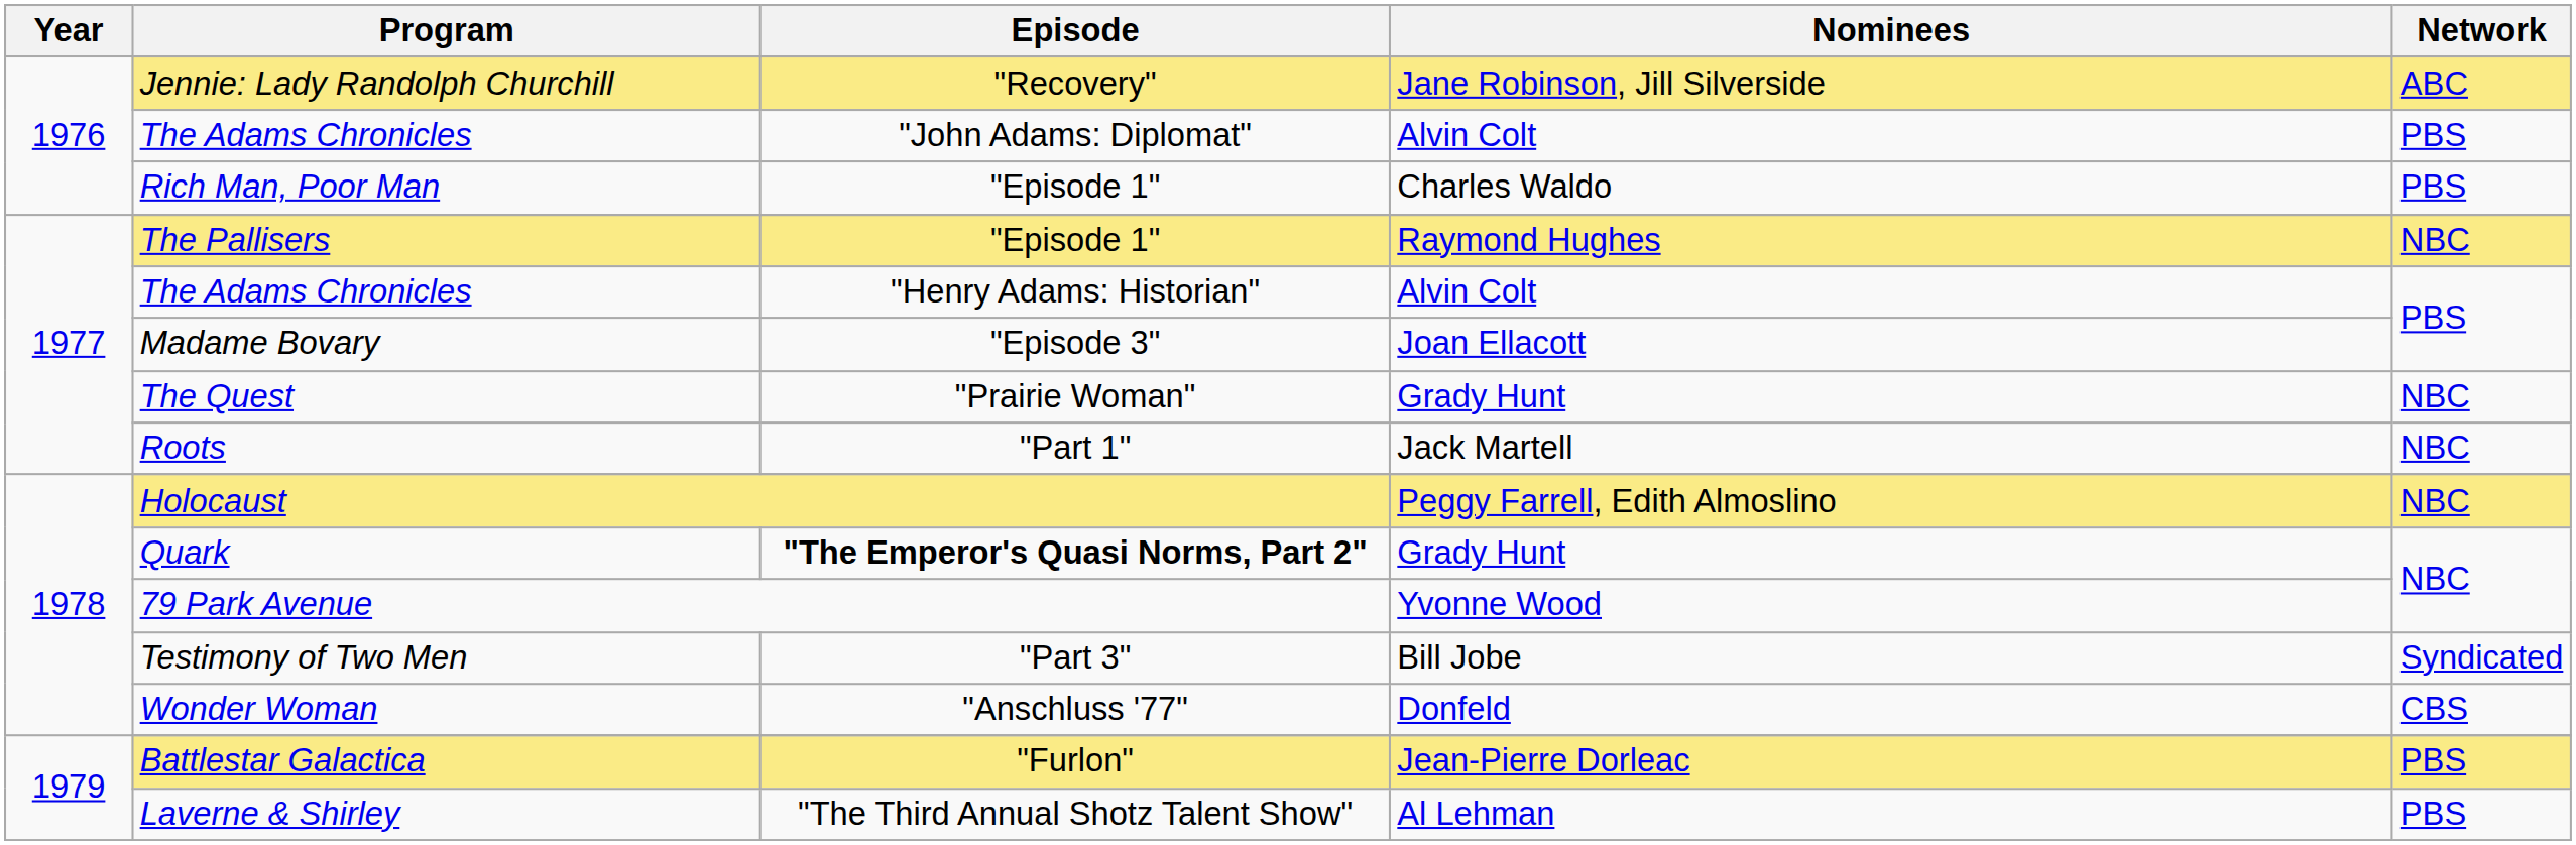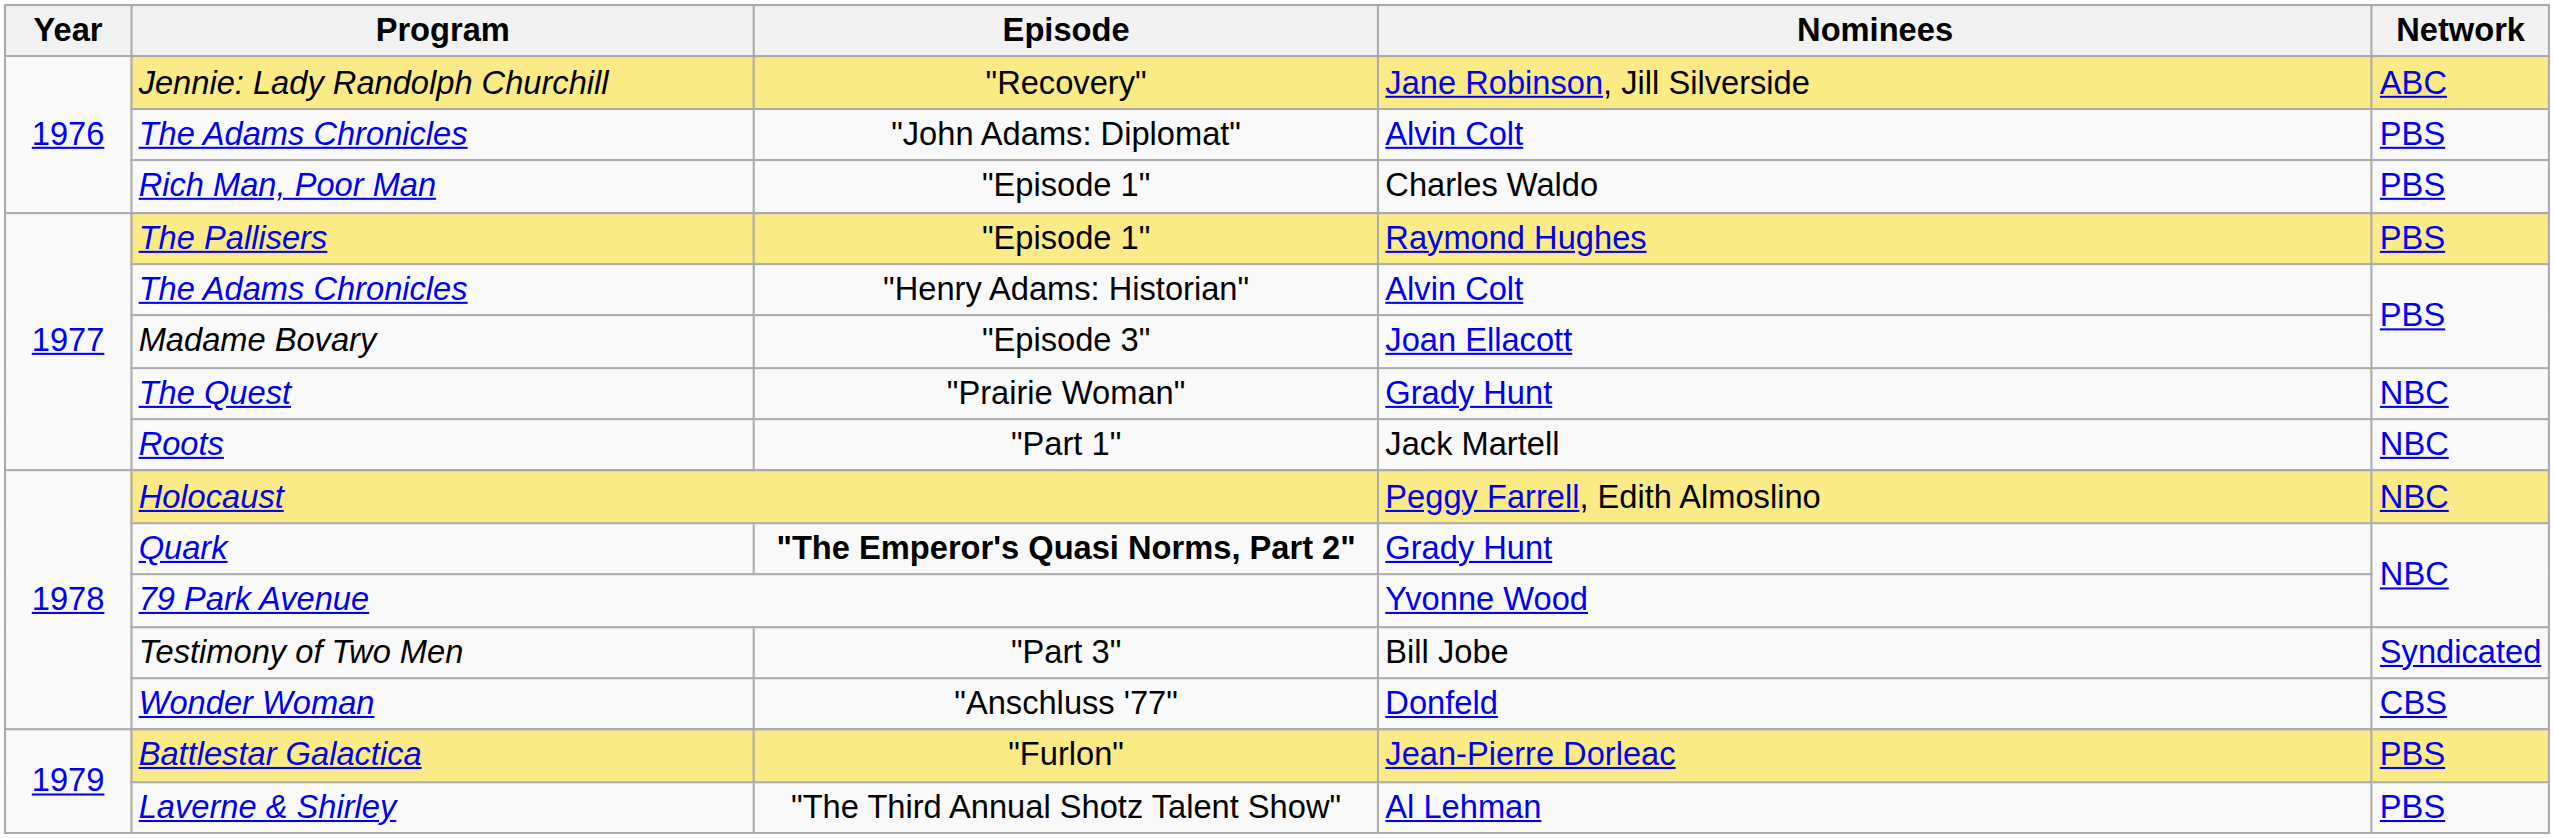 <table class="wikitable">
 <tr>
 <th width="5%">Year</th>
 <th width="25%">Program</th>
 <th width="25%">Episode</th>
 <th width="40%">Nominees</th>
 <th width="5%">Network</th>
 </tr>
 <tr>
 <td rowspan="4" style="text-align:center;"><a href='#'>1976</a><br></td>
 </tr>
 <tr style="background:#FAEB86;">
 <td><em>Jennie: Lady Randolph Churchill</em></td>
 <td align=center>"Recovery"</td>
 <td><a href='#'>Jane Robinson</a>, Jill Silverside</td>
 <td><a href='#'>ABC</a></td>
 </tr>
 <tr>
 <td><em><a href='#'>The Adams Chronicles</a></em></td>
 <td align=center>"John Adams: Diplomat"</td>
 <td><a href='#'>Alvin Colt</a></td>
 <td><a href='#'>PBS</a></td>
 </tr>
 <tr>
 <td><em><a href='#'>Rich Man, Poor Man</a></em></td>
 <td align=center>"Episode 1"</td>
 <td>Charles Waldo</td>
 <td><a href='#'>PBS</a></td>
 </tr>
 <tr>
 <td rowspan="6" style="text-align:center;"><a href='#'>1977</a><br></td>
 </tr>
 <tr style="background:#FAEB86;">
 <td><em><a href='#'>The Pallisers</a></em></td>
 <td align=center>"Episode 1"</td>
 <td><a href='#'>Raymond Hughes</a></td>
-<td><a href='#'>NBC</a></td>
+<td><a href='#'>PBS</a></td>
 </tr>
 <tr>
 <td><em><a href='#'>The Adams Chronicles</a></em></td>
 <td align=center>"Henry Adams: Historian"</td>
 <td><a href='#'>Alvin Colt</a></td>
 <td rowspan=2><a href='#'>PBS</a></td>
 </tr>
 <tr>
 <td><em>Madame Bovary</em></td>
 <td align=center>"Episode 3"</td>
 <td><a href='#'>Joan Ellacott</a></td>
 </tr>
 <tr>
 <td><em><a href='#'>The Quest</a></em></td>
 <td align=center>"Prairie Woman"</td>
 <td><a href='#'>Grady Hunt</a></td>
 <td><a href='#'>NBC</a></td>
 </tr>
 <tr>
 <td><em><a href='#'>Roots</a></em></td>
 <td align=center>"Part 1"</td>
 <td>Jack Martell</td>
 <td><a href='#'>NBC</a></td>
 </tr>
 <tr>
 <td rowspan="6" style="text-align:center;"><a href='#'>1978</a><br></td>
 </tr>
 <tr style="background:#FAEB86;">
 <td colspan=2><em><a href='#'>Holocaust</a></em></td>
 <td><a href='#'>Peggy Farrell</a>, Edith Almoslino</td>
 <td><a href='#'>NBC</a></td>
 </tr>
 <tr>
 <td><em><a href='#'>Quark</a></em></td>
 <td align=center><strong>"The Emperor's Quasi Norms, Part 2"</strong></td>
 <td><a href='#'>Grady Hunt</a></td>
 <td rowspan=2><a href='#'>NBC</a></td>
 </tr>
 <tr>
 <td colspan=2><em><a href='#'>79 Park Avenue</a></em></td>
 <td><a href='#'>Yvonne Wood</a></td>
 </tr>
 <tr>
 <td><em>Testimony of Two Men</em></td>
 <td align=center>"Part 3"</td>
 <td>Bill Jobe</td>
 <td><a href='#'>Syndicated</a></td>
 </tr>
 <tr>
 <td><em><a href='#'>Wonder Woman</a></em></td>
 <td align=center>"Anschluss '77"</td>
 <td><a href='#'>Donfeld</a></td>
 <td><a href='#'>CBS</a></td>
 </tr>
 <tr>
 <td rowspan="3" style="text-align:center;"><a href='#'>1979</a><br></td>
 </tr>
 <tr style="background:#FAEB86;">
 <td><em><a href='#'>Battlestar Galactica</a></em></td>
 <td align=center>"Furlon"</td>
 <td><a href='#'>Jean-Pierre Dorleac</a></td>
 <td><a href='#'>PBS</a></td>
 </tr>
 <tr>
 <td><em><a href='#'>Laverne & Shirley</a></em></td>
 <td align=center>"The Third Annual Shotz Talent Show"</td>
 <td><a href='#'>Al Lehman</a></td>
 <td><a href='#'>PBS</a></td>
 </tr>
 <tr>
 </tr>
 </table>
